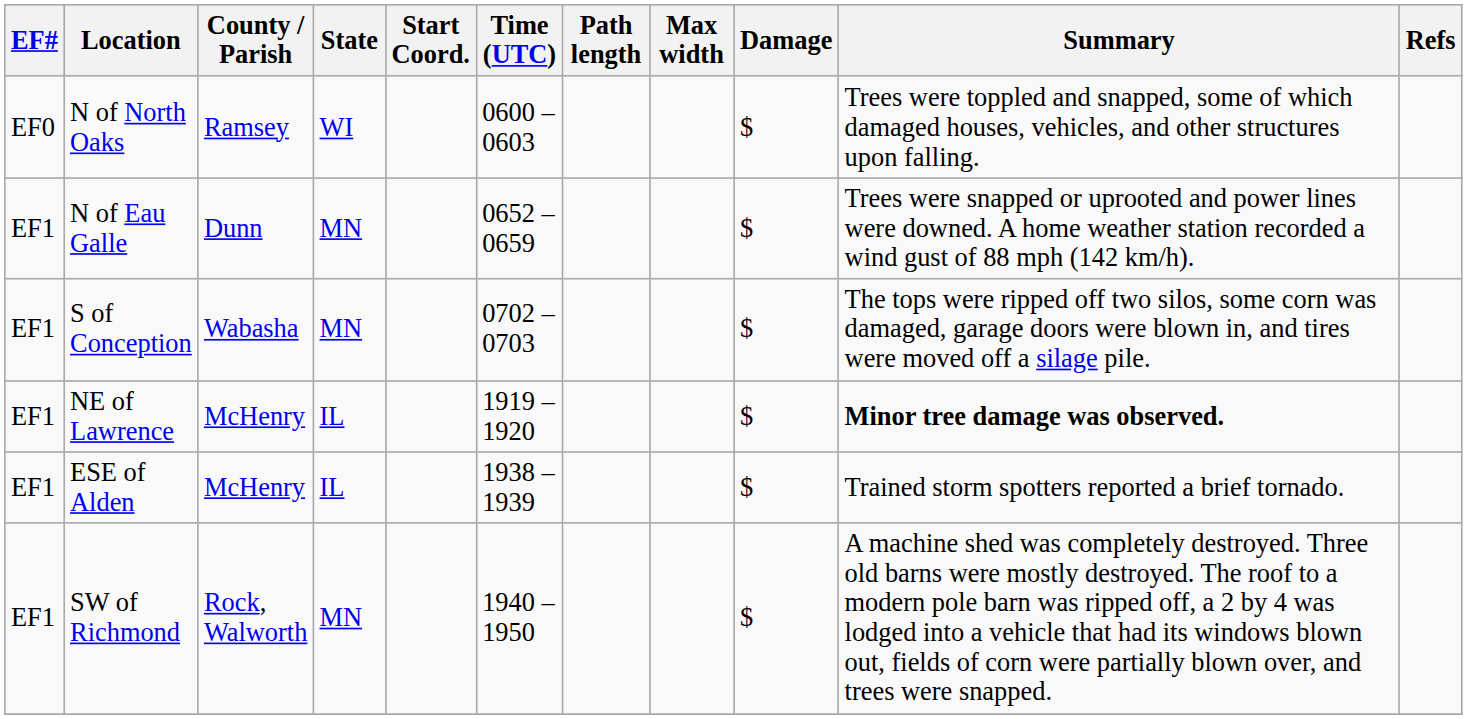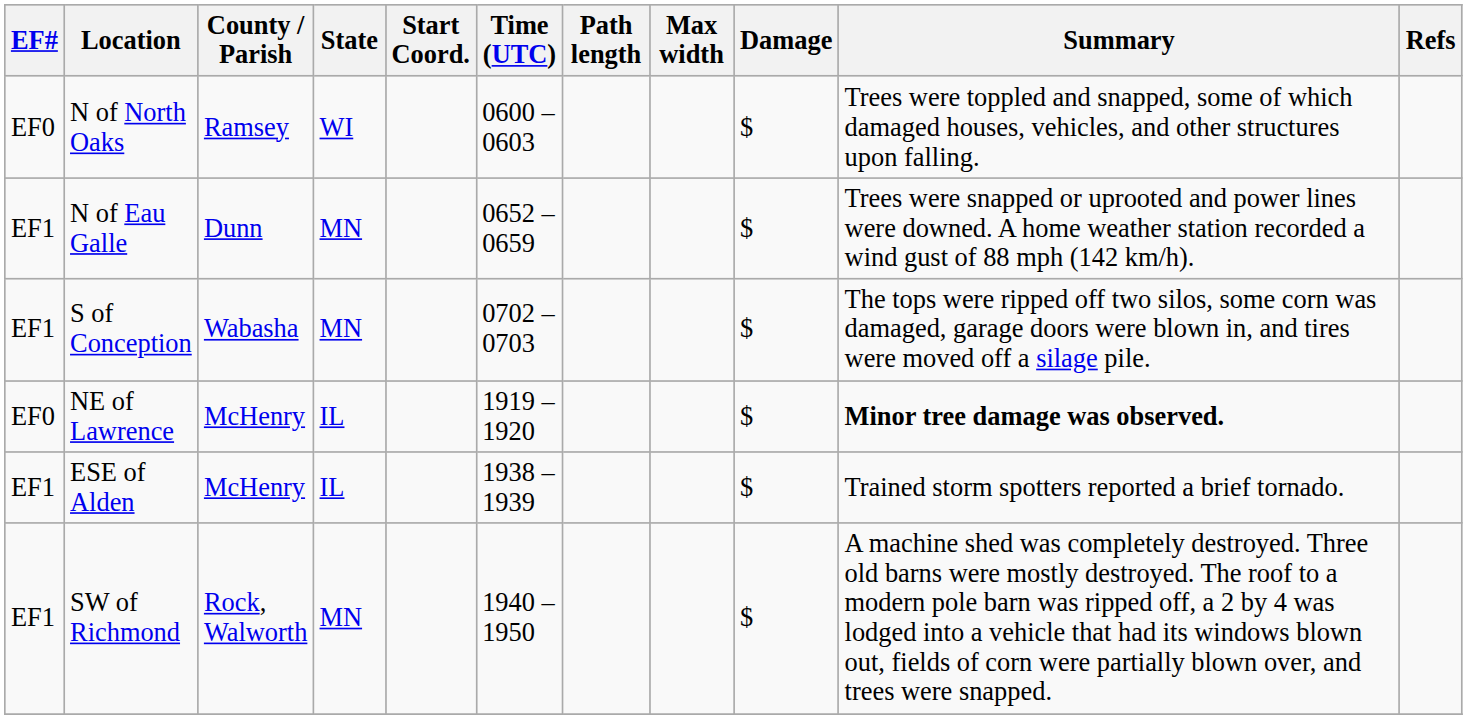 <table class="wikitable sortable" style="width:100%;">
 <tr>
 <th scope="col" width="3%" align="center"><a href='#'>EF#</a></th>
 <th scope="col" width="7%" align="center" class="unsortable">Location</th>
 <th scope="col" width="6%" align="center" class="unsortable">County / Parish</th>
 <th scope="col" width="5%" align="center">State</th>
 <th scope="col" width="6%" align="center">Start Coord.</th>
 <th scope="col" width="6%" align="center">Time (<a href='#'>UTC</a>)</th>
 <th scope="col" width="6%" align="center">Path length</th>
 <th scope="col" width="6%" align="center">Max width</th>
 <th scope="col" width="6%" align="center">Damage</th>
 <th scope="col" width="48%" class="unsortable" align="center">Summary</th>
 <th scope="col" width="48%" class="unsortable" align="center">Refs</th>
 </tr>
 <tr>
 <td>EF0</td>
 <td>N of <a href='#'>North Oaks</a></td>
 <td><a href='#'>Ramsey</a></td>
 <td><a href='#'>WI</a></td>
 <td></td>
 <td>0600 – 0603</td>
 <td></td>
 <td></td>
 <td>$</td>
 <td>Trees were toppled and snapped, some of which damaged houses, vehicles, and other structures upon falling.</td>
 <td></td>
 </tr>
 <tr>
 <td>EF1</td>
 <td>N of <a href='#'>Eau Galle</a></td>
 <td><a href='#'>Dunn</a></td>
 <td><a href='#'>MN</a></td>
 <td></td>
 <td>0652 – 0659</td>
 <td></td>
 <td></td>
 <td>$</td>
 <td>Trees were snapped or uprooted and power lines were downed. A home weather station recorded a wind gust of 88 mph (142 km/h).</td>
 <td></td>
 </tr>
 <tr>
 <td>EF1</td>
 <td>S of <a href='#'>Conception</a></td>
 <td><a href='#'>Wabasha</a></td>
 <td><a href='#'>MN</a></td>
 <td></td>
 <td>0702 – 0703</td>
 <td></td>
 <td></td>
 <td>$</td>
 <td>The tops were ripped off two silos, some corn was damaged, garage doors were blown in, and tires were moved off a <a href='#'>silage</a> pile.</td>
 <td></td>
 </tr>
 <tr>
-<td>EF1</td>
+<td>EF0</td>
 <td>NE of <a href='#'>Lawrence</a></td>
 <td><a href='#'>McHenry</a></td>
 <td><a href='#'>IL</a></td>
 <td></td>
 <td>1919 – 1920</td>
 <td></td>
 <td></td>
 <td>$</td>
 <td><strong>Minor tree damage was observed.</strong></td>
 <td></td>
 </tr>
 <tr>
 <td>EF1</td>
 <td>ESE of <a href='#'>Alden</a></td>
 <td><a href='#'>McHenry</a></td>
 <td><a href='#'>IL</a></td>
 <td></td>
 <td>1938 – 1939</td>
 <td></td>
 <td></td>
 <td>$</td>
 <td>Trained storm spotters reported a brief tornado.</td>
 <td></td>
 </tr>
 <tr>
 <td>EF1</td>
 <td>SW of <a href='#'>Richmond</a></td>
 <td><a href='#'>Rock</a>, <a href='#'>Walworth</a></td>
 <td><a href='#'>MN</a></td>
 <td></td>
 <td>1940 – 1950</td>
 <td></td>
 <td></td>
 <td>$</td>
 <td>A machine shed was completely destroyed. Three old barns were mostly destroyed. The roof to a modern pole barn was ripped off, a 2 by 4 was lodged into a vehicle that had its windows blown out, fields of corn were partially blown over, and trees were snapped.</td>
 <td></td>
 </tr>
 <tr>
 </tr>
 </table>
